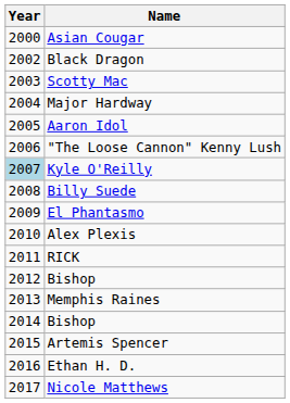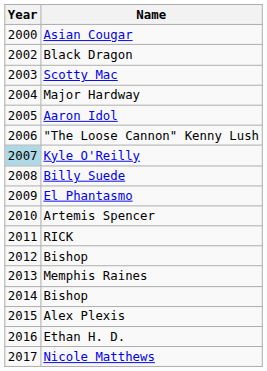 <table class="wikitable" style="margin-left:1em">
 <tr>
 <th>Year</th>
 <th>Name</th>
 </tr>
 <tr>
 <td>2000</td>
 <td><a href='#'>Asian Cougar</a></td>
 </tr>
 <tr>
 <td>2002</td>
 <td>Black Dragon </td>
 </tr>
 <tr>
 <td>2003</td>
 <td><a href='#'>Scotty Mac</a></td>
 </tr>
 <tr>
 <td>2004</td>
 <td>Major Hardway</td>
 </tr>
 <tr>
 <td>2005</td>
 <td><a href='#'>Aaron Idol</a></td>
 </tr>
 <tr>
 <td>2006</td>
 <td>"The Loose Cannon" Kenny Lush</td>
 </tr>
 <tr>
 <td style="background: lightblue;">2007</td>
 <td><a href='#'>Kyle O'Reilly</a></td>
 </tr>
 <tr>
 <td>2008</td>
 <td><a href='#'>Billy Suede</a></td>
 </tr>
 <tr>
 <td>2009</td>
 <td><a href='#'>El Phantasmo</a></td>
 </tr>
 <tr>
 <td>2010</td>
-<td>Alex Plexis</td>
+<td>Artemis Spencer</td>
 </tr>
 <tr>
 <td>2011</td>
 <td>RICK</td>
 </tr>
 <tr>
 <td>2012</td>
 <td>Bishop</td>
 </tr>
 <tr>
 <td>2013</td>
 <td>Memphis Raines</td>
 </tr>
 <tr>
 <td>2014</td>
 <td>Bishop</td>
 </tr>
 <tr>
 <td>2015</td>
-<td>Artemis Spencer</td>
+<td>Alex Plexis</td>
 </tr>
 <tr>
 <td>2016</td>
 <td>Ethan H. D.</td>
 </tr>
 <tr>
 <td>2017</td>
 <td><a href='#'>Nicole Matthews</a></td>
 </tr>
 </table>
